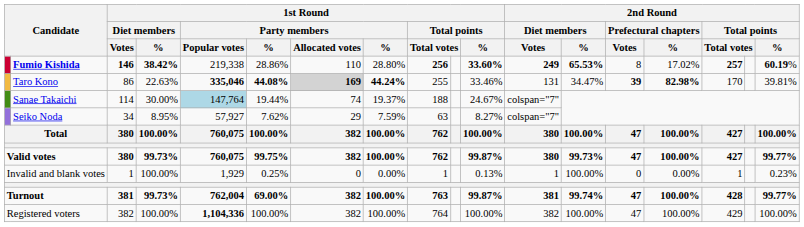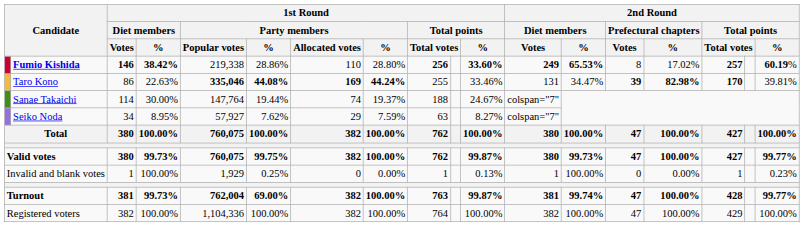 <table class="wikitable" style="font-size:95%;">
 <tr>
 <th rowspan="3" colspan="2">Candidate</th>
 <th colspan="9">1st Round</th>
 <th colspan="7">2nd Round</th>
 </tr>
 <tr>
 <th colspan="2">Diet members</th>
 <th colspan="4">Party members</th>
 <th colspan="3">Total points</th>
 <th colspan="2">Diet members</th>
 <th colspan="2">Prefectural chapters</th>
 <th colspan="3">Total points</th>
 </tr>
 <tr>
 <th>Votes</th>
 <th>%</th>
 <th>Popular votes</th>
 <th>%</th>
 <th>Allocated votes</th>
 <th>%</th>
 <th colspan=2>Total votes</th>
 <th>%</th>
 <th>Votes</th>
 <th>%</th>
 <th>Votes</th>
 <th>%</th>
 <th colspan=2>Total votes</th>
 <th>%</th>
 </tr>
 <tr>
 <td style="background:#CC0033;"></td>
 <td><strong><a href='#'>Fumio Kishida</a></strong> </td>
 <td style="text-align:right"><strong>146</strong></td>
 <td style="text-align:right"><strong>38.42%</strong></td>
 <td style="text-align:right">219,338</td>
 <td style="text-align:right">28.86%</td>
 <td style="text-align:right">110</td>
 <td style="text-align:right">28.80%</td>
 <td style="text-align:right"><strong>256</strong></td>
 <td align=center></td>
 <td style="text-align:right"><strong>33.60%</strong></td>
 <td style="text-align:right"><strong>249</strong></td>
 <td style="text-align:right"><strong>65.53%</strong></td>
 <td style="text-align:right">8</td>
 <td style="text-align:right">17.02%</td>
 <td style="text-align:right"><strong>257</strong></td>
 <td align=center></td>
 <td style="text-align:right"><strong>60.19</strong>%</td>
 </tr>
 <tr>
 <td style="background:#F2BA42;"></td>
 <td><a href='#'>Taro Kono</a></td>
 <td style="text-align:right">86</td>
 <td style="text-align:right">22.63%</td>
 <td style="text-align:right"><strong>335,046</strong></td>
 <td style="text-align:right"><strong>44.08%</strong></td>
-<td style="background: lightgrey; text-align:right"><strong>169</strong></td>
+<td style="text-align:right"><strong>169</strong></td>
 <td style="text-align:right"><strong>44.24%</strong></td>
 <td style="text-align:right">255</td>
 <td align=center></td>
 <td style="text-align:right">33.46%</td>
 <td style="text-align:right">131</td>
 <td style="text-align:right">34.47%</td>
 <td style="text-align:right"><strong>39</strong></td>
 <td style="text-align:right"><strong>82.98%</strong></td>
-<td style="text-align:right">170</td>
+<td style="text-align:right"><strong>170</strong></td>
 <td align=center></td>
 <td style="text-align:right">39.81%</td>
 </tr>
 <tr>
 <td style="background:#438C15;"></td>
 <td><a href='#'>Sanae Takaichi</a></td>
 <td style="text-align:right">114</td>
 <td style="text-align:right">30.00%</td>
-<td style="background: lightblue; text-align:right">147,764</td>
+<td style="text-align:right">147,764</td>
 <td style="text-align:right">19.44%</td>
 <td style="text-align:right">74</td>
 <td style="text-align:right">19.37%</td>
 <td style="text-align:right">188</td>
 <td align=center></td>
 <td style="text-align:right">24.67%</td>
 <td>colspan="7" </td>
 </tr>
 <tr>
 <td style="background:#9370DB;"></td>
 <td><a href='#'>Seiko Noda</a></td>
 <td style="text-align:right">34</td>
 <td style="text-align:right">8.95%</td>
 <td style="text-align:right">57,927</td>
 <td style="text-align:right">7.62%</td>
 <td style="text-align:right">29</td>
 <td style="text-align:right">7.59%</td>
 <td style="text-align:right">63</td>
 <td align=center></td>
 <td style="text-align:right">8.27%</td>
 <td>colspan="7" </td>
 </tr>
 <tr>
 <th colspan="2">Total</th>
 <th style="text-align:right">380</th>
 <th style="text-align:right">100.00%</th>
 <th style="text-align:right">760,075</th>
 <th style="text-align:right">100.00%</th>
 <th style="text-align:right">382</th>
 <th style="text-align:right">100.00%</th>
 <th style="text-align:right">762</th>
 <th></th>
 <th style="text-align:right">100.00%</th>
 <th style="text-align:right">380</th>
 <th style="text-align:right">100.00%</th>
 <th style="text-align:right">47</th>
 <th style="text-align:right">100.00%</th>
 <th style="text-align:right">427</th>
 <th></th>
 <th style="text-align:right">100.00%</th>
 </tr>
 <tr>
 <th colspan=18></th>
 </tr>
 <tr>
 <td colspan="2"><strong>Valid votes</strong></td>
 <td style="text-align:right"><strong>380</strong></td>
 <td style="text-align:right"><strong>99.73%</strong></td>
 <td style="text-align:right"><strong>760,075</strong></td>
 <td style="text-align:right"><strong>99.75%</strong></td>
 <td style="text-align:right"><strong>382</strong></td>
 <td style="text-align:right"><strong>100.00%</strong></td>
 <td style="text-align:right"><strong>762</strong></td>
 <td style="text-align:right"></td>
 <td style="text-align:right"><strong>99.87%</strong></td>
 <td style="text-align:right"><strong>380</strong></td>
 <td style="text-align:right"><strong>99.73%</strong></td>
 <td style="text-align:right"><strong>47</strong></td>
 <td style="text-align:right"><strong>100.00%</strong></td>
 <td style="text-align:right"><strong>427</strong></td>
 <td style="text-align:right"></td>
 <td style="text-align:right"><strong>99.77%</strong></td>
 </tr>
 <tr>
 <td colspan="2">Invalid and blank votes</td>
 <td style="text-align:right">1</td>
 <td style="text-align:right">100.00%</td>
 <td style="text-align:right">1,929</td>
 <td style="text-align:right">0.25%</td>
 <td style="text-align:right">0</td>
 <td style="text-align:right">0.00%</td>
 <td style="text-align:right">1</td>
 <td style="text-align:right"></td>
 <td style="text-align:right">0.13%</td>
 <td style="text-align:right">1</td>
 <td style="text-align:right">100.00%</td>
 <td style="text-align:right">0</td>
 <td style="text-align:right">0.00%</td>
 <td style="text-align:right">1</td>
 <td style="text-align:right"></td>
 <td style="text-align:right">0.23%</td>
 </tr>
 <tr>
 <th colspan=18></th>
 </tr>
 <tr>
 <td colspan="2"><strong>Turnout</strong></td>
 <td style="text-align:right"><strong>381</strong></td>
 <td style="text-align:right"><strong>99.73%</strong></td>
 <td style="text-align:right"><strong>762,004</strong></td>
 <td style="text-align:right"><strong>69.00%</strong></td>
 <td style="text-align:right"><strong>382</strong></td>
 <td style="text-align:right"><strong>100.00%</strong></td>
 <td style="text-align:right"><strong>763</strong></td>
 <td style="text-align:right"></td>
 <td style="text-align:right"><strong>99.87%</strong></td>
 <td style="text-align:right"><strong>381</strong></td>
 <td style="text-align:right"><strong>99.74%</strong></td>
 <td style="text-align:right"><strong>47</strong></td>
 <td style="text-align:right"><strong>100.00%</strong></td>
 <td style="text-align:right"><strong>428</strong></td>
 <td style="text-align:right"></td>
 <td style="text-align:right"><strong>99.77%</strong></td>
 </tr>
 <tr>
 <td colspan="2">Registered voters</td>
 <td style="text-align:right">382</td>
 <td style="text-align:right">100.00%</td>
-<td style="text-align:right"><strong>1,104,336</strong></td>
+<td style="text-align:right">1,104,336</td>
 <td style="text-align:right">100.00%</td>
 <td style="text-align:right">382</td>
 <td style="text-align:right">100.00%</td>
 <td style="text-align:right">764</td>
 <td style="text-align:right"></td>
 <td style="text-align:right">100.00%</td>
 <td style="text-align:right">382</td>
 <td style="text-align:right">100.00%</td>
 <td style="text-align:right">47</td>
 <td style="text-align:right">100.00%</td>
 <td style="text-align:right">429</td>
 <td style="text-align:right"></td>
 <td style="text-align:right">100.00%</td>
 </tr>
 </table>
